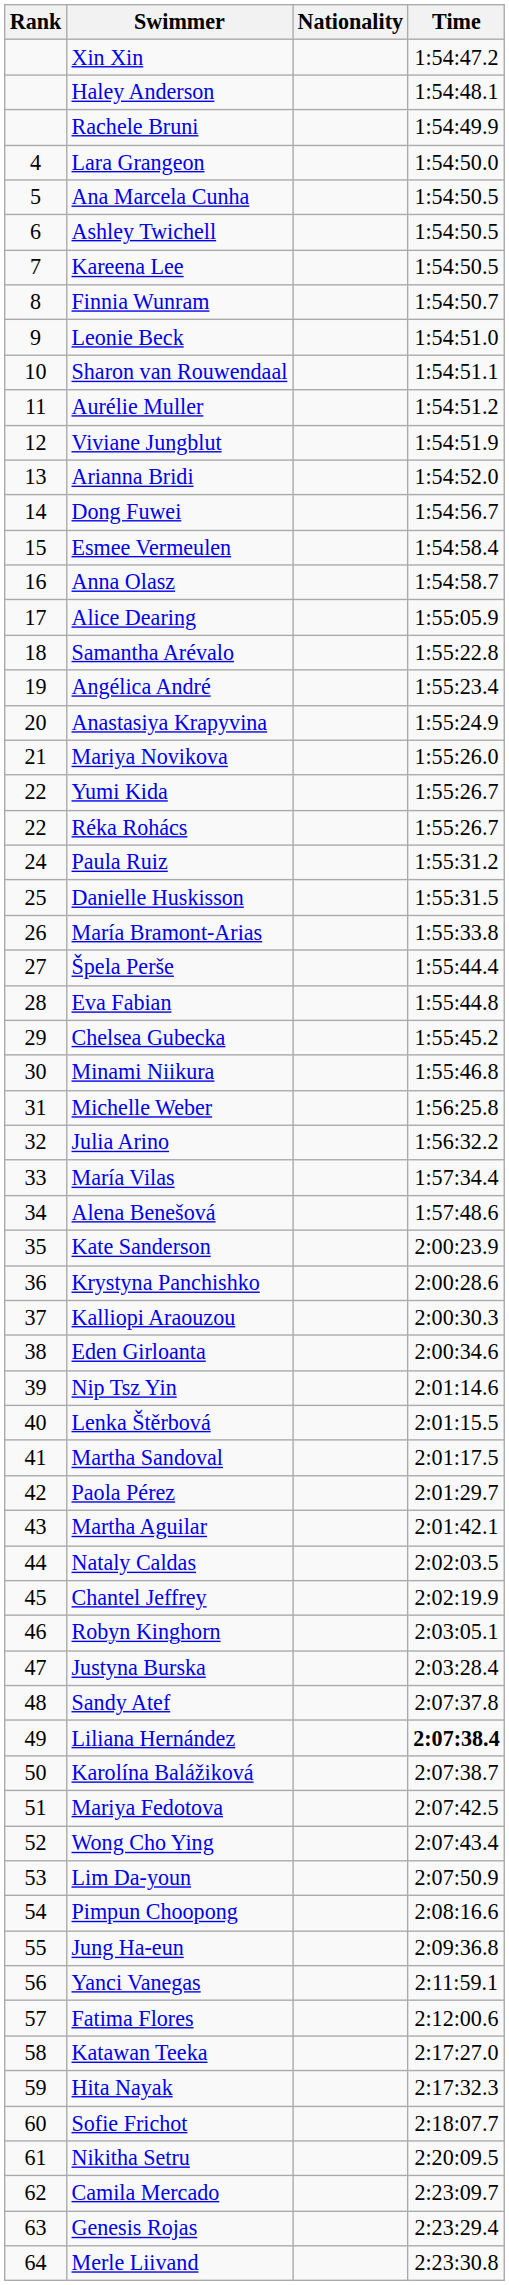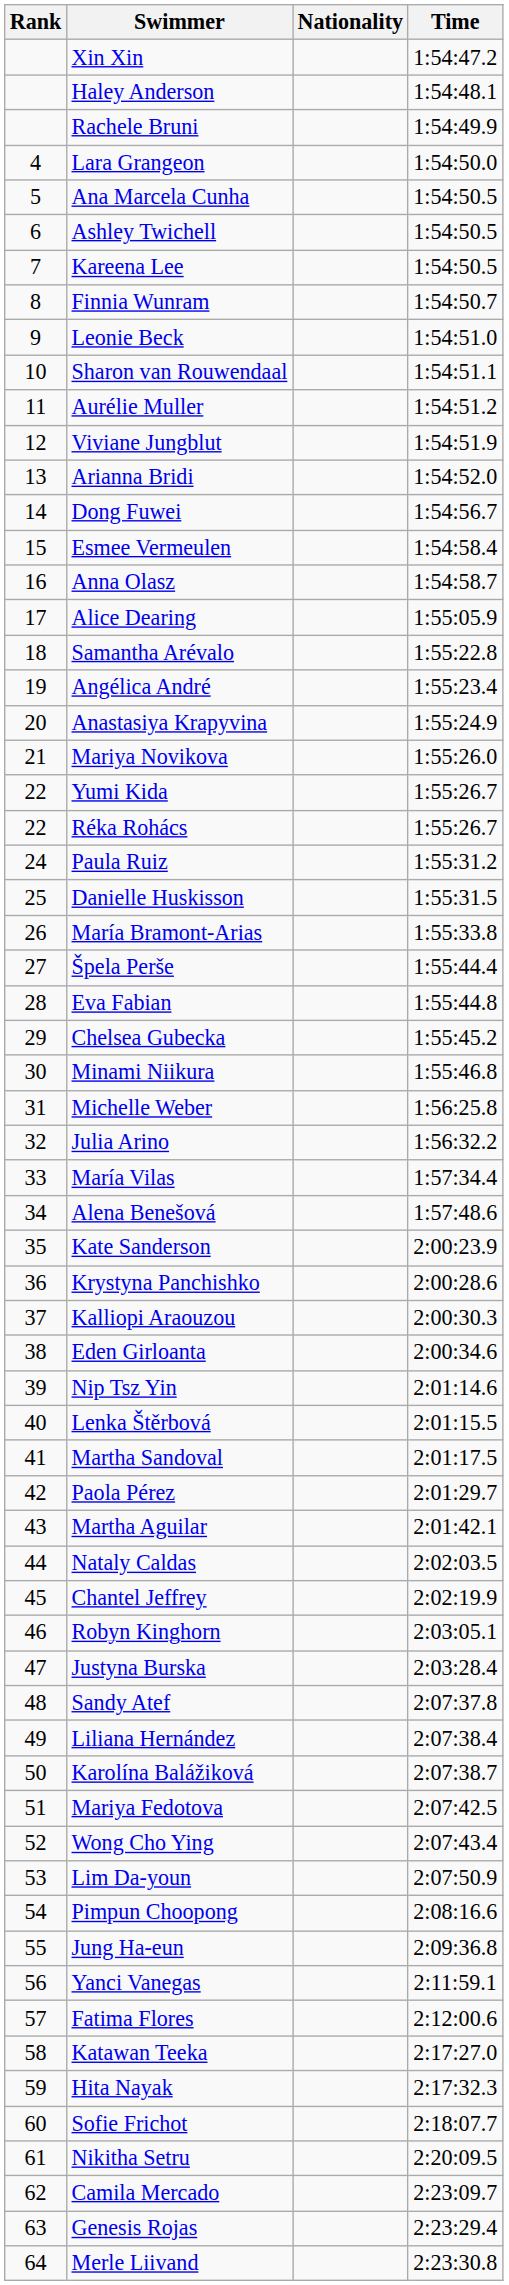 <table class="wikitable sortable" border="1" style="text-align:center">
 <tr>
 <th>Rank</th>
 <th>Swimmer</th>
 <th>Nationality</th>
 <th>Time</th>
 </tr>
 <tr>
 <td></td>
 <td align=left><a href='#'>Xin Xin</a></td>
 <td align=left></td>
 <td>1:54:47.2</td>
 </tr>
 <tr>
 <td></td>
 <td align=left><a href='#'>Haley Anderson</a></td>
 <td align=left></td>
 <td>1:54:48.1</td>
 </tr>
 <tr>
 <td></td>
 <td align=left><a href='#'>Rachele Bruni</a></td>
 <td align=left></td>
 <td>1:54:49.9</td>
 </tr>
 <tr>
 <td>4</td>
 <td align=left><a href='#'>Lara Grangeon</a></td>
 <td align=left></td>
 <td>1:54:50.0</td>
 </tr>
 <tr>
 <td>5</td>
 <td align=left><a href='#'>Ana Marcela Cunha</a></td>
 <td align=left></td>
 <td>1:54:50.5</td>
 </tr>
 <tr>
 <td>6</td>
 <td align=left><a href='#'>Ashley Twichell</a></td>
 <td align=left></td>
 <td>1:54:50.5</td>
 </tr>
 <tr>
 <td>7</td>
 <td align=left><a href='#'>Kareena Lee</a></td>
 <td align=left></td>
 <td>1:54:50.5</td>
 </tr>
 <tr>
 <td>8</td>
 <td align=left><a href='#'>Finnia Wunram</a></td>
 <td align=left></td>
 <td>1:54:50.7</td>
 </tr>
 <tr>
 <td>9</td>
 <td align=left><a href='#'>Leonie Beck</a></td>
 <td align=left></td>
 <td>1:54:51.0</td>
 </tr>
 <tr>
 <td>10</td>
 <td align=left><a href='#'>Sharon van Rouwendaal</a></td>
 <td align=left></td>
 <td>1:54:51.1</td>
 </tr>
 <tr>
 <td>11</td>
 <td align=left><a href='#'>Aurélie Muller</a></td>
 <td align=left></td>
 <td>1:54:51.2</td>
 </tr>
 <tr>
 <td>12</td>
 <td align=left><a href='#'>Viviane Jungblut</a></td>
 <td align=left></td>
 <td>1:54:51.9</td>
 </tr>
 <tr>
 <td>13</td>
 <td align=left><a href='#'>Arianna Bridi</a></td>
 <td align=left></td>
 <td>1:54:52.0</td>
 </tr>
 <tr>
 <td>14</td>
 <td align=left><a href='#'>Dong Fuwei</a></td>
 <td align=left></td>
 <td>1:54:56.7</td>
 </tr>
 <tr>
 <td>15</td>
 <td align=left><a href='#'>Esmee Vermeulen</a></td>
 <td align=left></td>
 <td>1:54:58.4</td>
 </tr>
 <tr>
 <td>16</td>
 <td align=left><a href='#'>Anna Olasz</a></td>
 <td align=left></td>
 <td>1:54:58.7</td>
 </tr>
 <tr>
 <td>17</td>
 <td align=left><a href='#'>Alice Dearing</a></td>
 <td align=left></td>
 <td>1:55:05.9</td>
 </tr>
 <tr>
 <td>18</td>
 <td align=left><a href='#'>Samantha Arévalo</a></td>
 <td align=left></td>
 <td>1:55:22.8</td>
 </tr>
 <tr>
 <td>19</td>
 <td align=left><a href='#'>Angélica André</a></td>
 <td align=left></td>
 <td>1:55:23.4</td>
 </tr>
 <tr>
 <td>20</td>
 <td align=left><a href='#'>Anastasiya Krapyvina</a></td>
 <td align=left></td>
 <td>1:55:24.9</td>
 </tr>
 <tr>
 <td>21</td>
 <td align=left><a href='#'>Mariya Novikova</a></td>
 <td align=left></td>
 <td>1:55:26.0</td>
 </tr>
 <tr>
 <td>22</td>
 <td align=left><a href='#'>Yumi Kida</a></td>
 <td align=left></td>
 <td>1:55:26.7</td>
 </tr>
 <tr>
 <td>22</td>
 <td align=left><a href='#'>Réka Rohács</a></td>
 <td align=left></td>
 <td>1:55:26.7</td>
 </tr>
 <tr>
 <td>24</td>
 <td align=left><a href='#'>Paula Ruiz</a></td>
 <td align=left></td>
 <td>1:55:31.2</td>
 </tr>
 <tr>
 <td>25</td>
 <td align=left><a href='#'>Danielle Huskisson</a></td>
 <td align=left></td>
 <td>1:55:31.5</td>
 </tr>
 <tr>
 <td>26</td>
 <td align=left><a href='#'>María Bramont-Arias</a></td>
 <td align=left></td>
 <td>1:55:33.8</td>
 </tr>
 <tr>
 <td>27</td>
 <td align=left><a href='#'>Špela Perše</a></td>
 <td align=left></td>
 <td>1:55:44.4</td>
 </tr>
 <tr>
 <td>28</td>
 <td align=left><a href='#'>Eva Fabian</a></td>
 <td align=left></td>
 <td>1:55:44.8</td>
 </tr>
 <tr>
 <td>29</td>
 <td align=left><a href='#'>Chelsea Gubecka</a></td>
 <td align=left></td>
 <td>1:55:45.2</td>
 </tr>
 <tr>
 <td>30</td>
 <td align=left><a href='#'>Minami Niikura</a></td>
 <td align=left></td>
 <td>1:55:46.8</td>
 </tr>
 <tr>
 <td>31</td>
 <td align=left><a href='#'>Michelle Weber</a></td>
 <td align=left></td>
 <td>1:56:25.8</td>
 </tr>
 <tr>
 <td>32</td>
 <td align=left><a href='#'>Julia Arino</a></td>
 <td align=left></td>
 <td>1:56:32.2</td>
 </tr>
 <tr>
 <td>33</td>
 <td align=left><a href='#'>María Vilas</a></td>
 <td align=left></td>
 <td>1:57:34.4</td>
 </tr>
 <tr>
 <td>34</td>
 <td align=left><a href='#'>Alena Benešová</a></td>
 <td align=left></td>
 <td>1:57:48.6</td>
 </tr>
 <tr>
 <td>35</td>
 <td align=left><a href='#'>Kate Sanderson</a></td>
 <td align=left></td>
 <td>2:00:23.9</td>
 </tr>
 <tr>
 <td>36</td>
 <td align=left><a href='#'>Krystyna Panchishko</a></td>
 <td align=left></td>
 <td>2:00:28.6</td>
 </tr>
 <tr>
 <td>37</td>
 <td align=left><a href='#'>Kalliopi Araouzou</a></td>
 <td align=left></td>
 <td>2:00:30.3</td>
 </tr>
 <tr>
 <td>38</td>
 <td align=left><a href='#'>Eden Girloanta</a></td>
 <td align=left></td>
 <td>2:00:34.6</td>
 </tr>
 <tr>
 <td>39</td>
 <td align=left><a href='#'>Nip Tsz Yin</a></td>
 <td align=left></td>
 <td>2:01:14.6</td>
 </tr>
 <tr>
 <td>40</td>
 <td align=left><a href='#'>Lenka Štěrbová</a></td>
 <td align=left></td>
 <td>2:01:15.5</td>
 </tr>
 <tr>
 <td>41</td>
 <td align=left><a href='#'>Martha Sandoval</a></td>
 <td align=left></td>
 <td>2:01:17.5</td>
 </tr>
 <tr>
 <td>42</td>
 <td align=left><a href='#'>Paola Pérez</a></td>
 <td align=left></td>
 <td>2:01:29.7</td>
 </tr>
 <tr>
 <td>43</td>
 <td align=left><a href='#'>Martha Aguilar</a></td>
 <td align=left></td>
 <td>2:01:42.1</td>
 </tr>
 <tr>
 <td>44</td>
 <td align=left><a href='#'>Nataly Caldas</a></td>
 <td align=left></td>
 <td>2:02:03.5</td>
 </tr>
 <tr>
 <td>45</td>
 <td align=left><a href='#'>Chantel Jeffrey</a></td>
 <td align=left></td>
 <td>2:02:19.9</td>
 </tr>
 <tr>
 <td>46</td>
 <td align=left><a href='#'>Robyn Kinghorn</a></td>
 <td align=left></td>
 <td>2:03:05.1</td>
 </tr>
 <tr>
 <td>47</td>
 <td align=left><a href='#'>Justyna Burska</a></td>
 <td align=left></td>
 <td>2:03:28.4</td>
 </tr>
 <tr>
 <td>48</td>
 <td align=left><a href='#'>Sandy Atef</a></td>
 <td align=left></td>
 <td>2:07:37.8</td>
 </tr>
 <tr>
 <td>49</td>
 <td align=left><a href='#'>Liliana Hernández</a></td>
 <td align=left></td>
-<td><strong>2:07:38.4</strong></td>
+<td>2:07:38.4</td>
 </tr>
 <tr>
 <td>50</td>
 <td align=left><a href='#'>Karolína Balážiková</a></td>
 <td align=left></td>
 <td>2:07:38.7</td>
 </tr>
 <tr>
 <td>51</td>
 <td align=left><a href='#'>Mariya Fedotova</a></td>
 <td align=left></td>
 <td>2:07:42.5</td>
 </tr>
 <tr>
 <td>52</td>
 <td align=left><a href='#'>Wong Cho Ying</a></td>
 <td align=left></td>
 <td>2:07:43.4</td>
 </tr>
 <tr>
 <td>53</td>
 <td align=left><a href='#'>Lim Da-youn</a></td>
 <td align=left></td>
 <td>2:07:50.9</td>
 </tr>
 <tr>
 <td>54</td>
 <td align=left><a href='#'>Pimpun Choopong</a></td>
 <td align=left></td>
 <td>2:08:16.6</td>
 </tr>
 <tr>
 <td>55</td>
 <td align=left><a href='#'>Jung Ha-eun</a></td>
 <td align=left></td>
 <td>2:09:36.8</td>
 </tr>
 <tr>
 <td>56</td>
 <td align=left><a href='#'>Yanci Vanegas</a></td>
 <td align=left></td>
 <td>2:11:59.1</td>
 </tr>
 <tr>
 <td>57</td>
 <td align=left><a href='#'>Fatima Flores</a></td>
 <td align=left></td>
 <td>2:12:00.6</td>
 </tr>
 <tr>
 <td>58</td>
 <td align=left><a href='#'>Katawan Teeka</a></td>
 <td align=left></td>
 <td>2:17:27.0</td>
 </tr>
 <tr>
 <td>59</td>
 <td align=left><a href='#'>Hita Nayak</a></td>
 <td align=left></td>
 <td>2:17:32.3</td>
 </tr>
 <tr>
 <td>60</td>
 <td align=left><a href='#'>Sofie Frichot</a></td>
 <td align=left></td>
 <td>2:18:07.7</td>
 </tr>
 <tr>
 <td>61</td>
 <td align=left><a href='#'>Nikitha Setru</a></td>
 <td align=left></td>
 <td>2:20:09.5</td>
 </tr>
 <tr>
 <td>62</td>
 <td align=left><a href='#'>Camila Mercado</a></td>
 <td align=left></td>
 <td>2:23:09.7</td>
 </tr>
 <tr>
 <td>63</td>
 <td align=left><a href='#'>Genesis Rojas</a></td>
 <td align=left></td>
 <td>2:23:29.4</td>
 </tr>
 <tr>
 <td>64</td>
 <td align=left><a href='#'>Merle Liivand</a></td>
 <td align=left></td>
 <td>2:23:30.8</td>
 </tr>
 </table>
